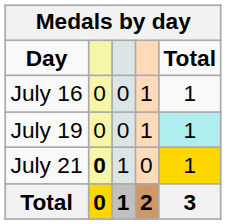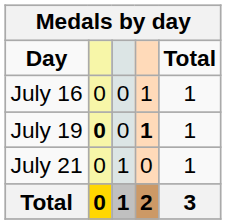 <table class="wikitable" style="font-size:85%; float:right">
 <tr align=center>
 <th colspan=7><strong>Medals by day</strong></th>
 </tr>
 <tr align=center>
 <td><strong>Day</strong></td>
 <td style="background:#f7f6a8;"></td>
 <td style="background:#dce5e5;"></td>
 <td style="background:#ffdab9;"></td>
 <td><strong>Total</strong></td>
 </tr>
 <tr align=center>
 <td>July 16</td>
 <td style="background:#f7f6a8;">0</td>
 <td style="background:#dce5e5;">0</td>
 <td style="background:#ffdab9;">1</td>
 <td>1</td>
 </tr>
 <tr align=center>
 <td>July 19</td>
-<td style="background:#f7f6a8;">0</td>
+<td style="background:#f7f6a8;"><strong>0</strong></td>
 <td style="background:#dce5e5;">0</td>
-<td style="background:#ffdab9;">1</td>
-<td style="background: paleturquoise;">1</td>
+<td style="background:#ffdab9;"><strong>1</strong></td>
+<td>1</td>
 </tr>
 <tr align=center>
 <td>July 21</td>
-<td style="background:#f7f6a8;"><strong>0</strong></td>
+<td style="background:#f7f6a8;">0</td>
 <td style="background:#dce5e5;">1</td>
 <td style="background:#ffdab9;">0</td>
-<td style="background: gold;">1</td>
+<td>1</td>
 </tr>
 <tr align=center>
 <th><strong>Total</strong></th>
 <th style="background:gold;"><strong>0</strong></th>
 <th style="background:silver;"><strong>1</strong></th>
 <th style="background:#c96;"><strong>2</strong></th>
 <th><strong>3</strong></th>
 </tr>
 </table>
